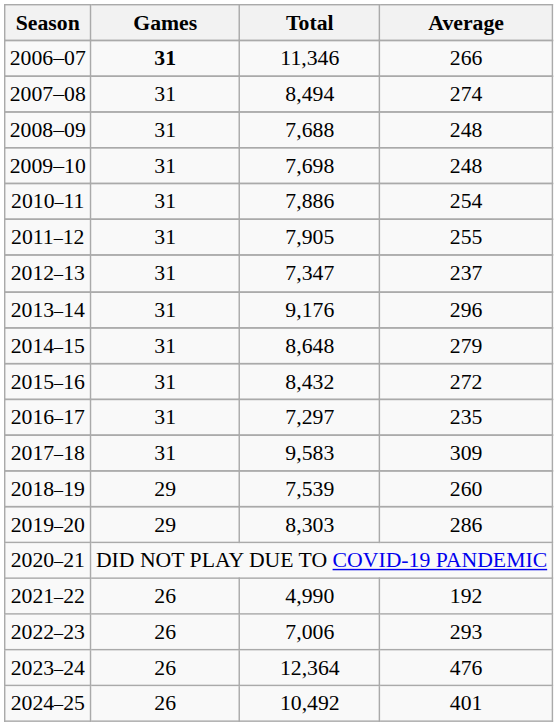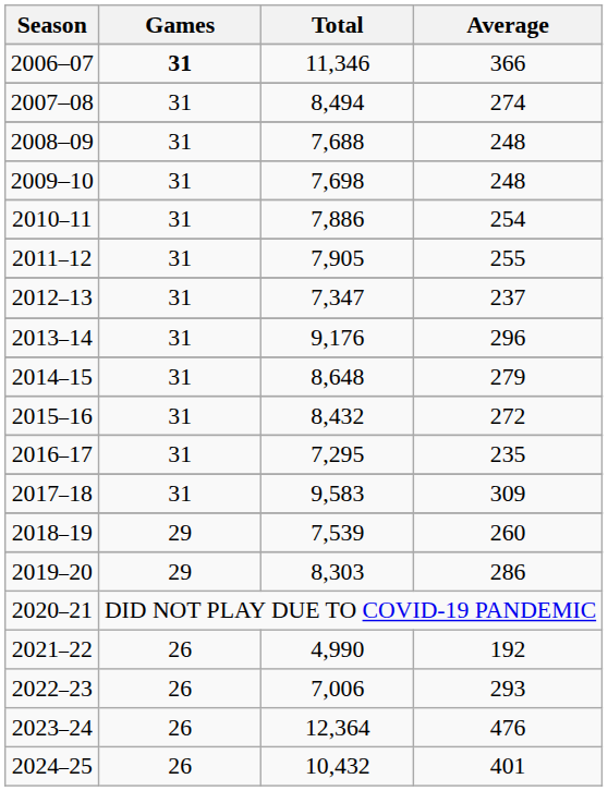 <table class="wikitable" border="1" style="text-align:center; font-size:95%">
 <tr>
 <th rowspan="1">Season</th>
 <th rowspan="1">Games</th>
 <th rowspan="1">Total</th>
 <th rowspan="1">Average</th>
 </tr>
 <tr>
 </tr>
 <tr>
 </tr>
 <tr>
 </tr>
 <tr>
 <td>2006–07</td>
 <td><strong>31</strong></td>
 <td>11,346</td>
-<td>266</td>
+<td>366</td>
 </tr>
 <tr>
 </tr>
 <tr style="text-align:center">
 <td>2007–08</td>
 <td>31</td>
 <td>8,494</td>
 <td>274</td>
 </tr>
 <tr>
 </tr>
 <tr style="text-align:center">
 <td>2008–09</td>
 <td>31</td>
 <td>7,688</td>
 <td>248</td>
 </tr>
 <tr>
 </tr>
 <tr style="text-align:center">
 <td>2009–10</td>
 <td>31</td>
 <td>7,698</td>
 <td>248</td>
 </tr>
 <tr>
 </tr>
 <tr style="text-align:center">
 <td>2010<small>–</small>11</td>
 <td>31</td>
 <td>7,886</td>
 <td>254</td>
 </tr>
 <tr>
 </tr>
 <tr style="text-align:center">
 <td>2011<small>–</small>12</td>
 <td>31</td>
 <td>7,905</td>
 <td>255</td>
 </tr>
 <tr>
 </tr>
 <tr style="text-align:center">
 <td>2012<small>–</small>13</td>
 <td>31</td>
 <td>7,347</td>
 <td>237</td>
 </tr>
 <tr>
 </tr>
 <tr style="text-align:center">
 <td>2013<small>–</small>14</td>
 <td>31</td>
 <td>9,176</td>
 <td>296</td>
 </tr>
 <tr>
 </tr>
 <tr style="text-align:center">
 <td>2014<small>–</small>15</td>
 <td>31</td>
 <td>8,648</td>
 <td>279</td>
 </tr>
 <tr>
 </tr>
 <tr style="text-align:center">
 <td>2015<small>–</small>16</td>
 <td>31</td>
 <td>8,432</td>
 <td>272</td>
 </tr>
 <tr>
 </tr>
 <tr style="text-align:center">
 <td>2016<small>–</small>17</td>
 <td>31</td>
-<td>7,297</td>
+<td>7,295</td>
 <td>235</td>
 </tr>
 <tr>
 </tr>
 <tr style="text-align:center">
 <td>2017<small>–</small>18</td>
 <td>31</td>
 <td>9,583</td>
 <td>309</td>
 </tr>
 <tr>
 </tr>
 <tr style="”text-align:center”">
 <td>2018<small>–</small>19</td>
 <td>29</td>
 <td>7,539</td>
 <td>260</td>
 </tr>
 <tr>
 </tr>
 <tr style="“text-align:center”">
 <td>2019<small>–</small>20</td>
 <td>29</td>
 <td>8,303</td>
 <td>286</td>
 </tr>
 <tr>
 <td>2020<small>–</small>21</td>
 <td colspan="3">DID NOT PLAY DUE TO <a href='#'>COVID-19 PANDEMIC</a></td>
 </tr>
 <tr>
 <td>2021<small>–</small>22</td>
 <td>26</td>
 <td>4,990</td>
 <td>192</td>
 </tr>
 <tr>
 <td>2022<small>–</small>23</td>
 <td>26</td>
 <td>7,006</td>
 <td>293</td>
 </tr>
 <tr>
 <td>2023<small>–</small>24</td>
 <td>26</td>
 <td>12,364</td>
 <td>476</td>
 </tr>
 <tr>
 <td>2024<small>–</small>25</td>
 <td>26</td>
-<td>10,492</td>
+<td>10,432</td>
 <td>401</td>
 </tr>
 </table>
